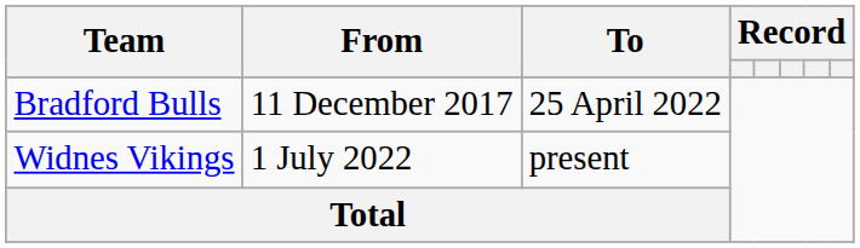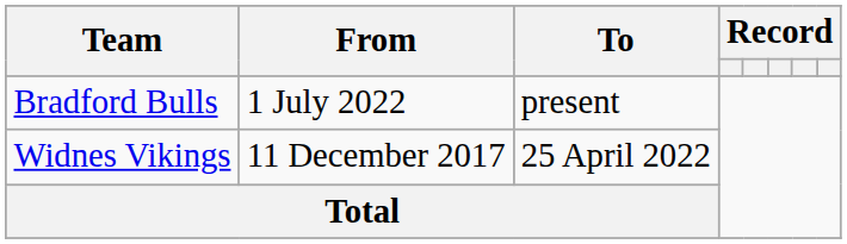 <table class=wikitable style=text-align:center>
 <tr>
 <th rowspan=2>Team</th>
 <th rowspan=2>From</th>
 <th rowspan=2>To</th>
 <th colspan=5>Record</th>
 </tr>
 <tr>
 <th></th>
 <th></th>
 <th></th>
 <th></th>
 <th></th>
 </tr>
 <tr>
 <td align=left><a href='#'>Bradford Bulls</a></td>
-<td align=left>11 December 2017</td>
-<td align=left>25 April 2022<br></td>
+<td align=left>1 July 2022</td>
+<td align=left>present<br></td>
 </tr>
 <tr>
 <td align=left><a href='#'>Widnes Vikings</a></td>
-<td align=left>1 July 2022</td>
-<td align=left>present<br></td>
+<td align=left>11 December 2017</td>
+<td align=left>25 April 2022<br></td>
 </tr>
 <tr>
 <th colspan=3>Total<br></th>
 </tr>
 </table>
